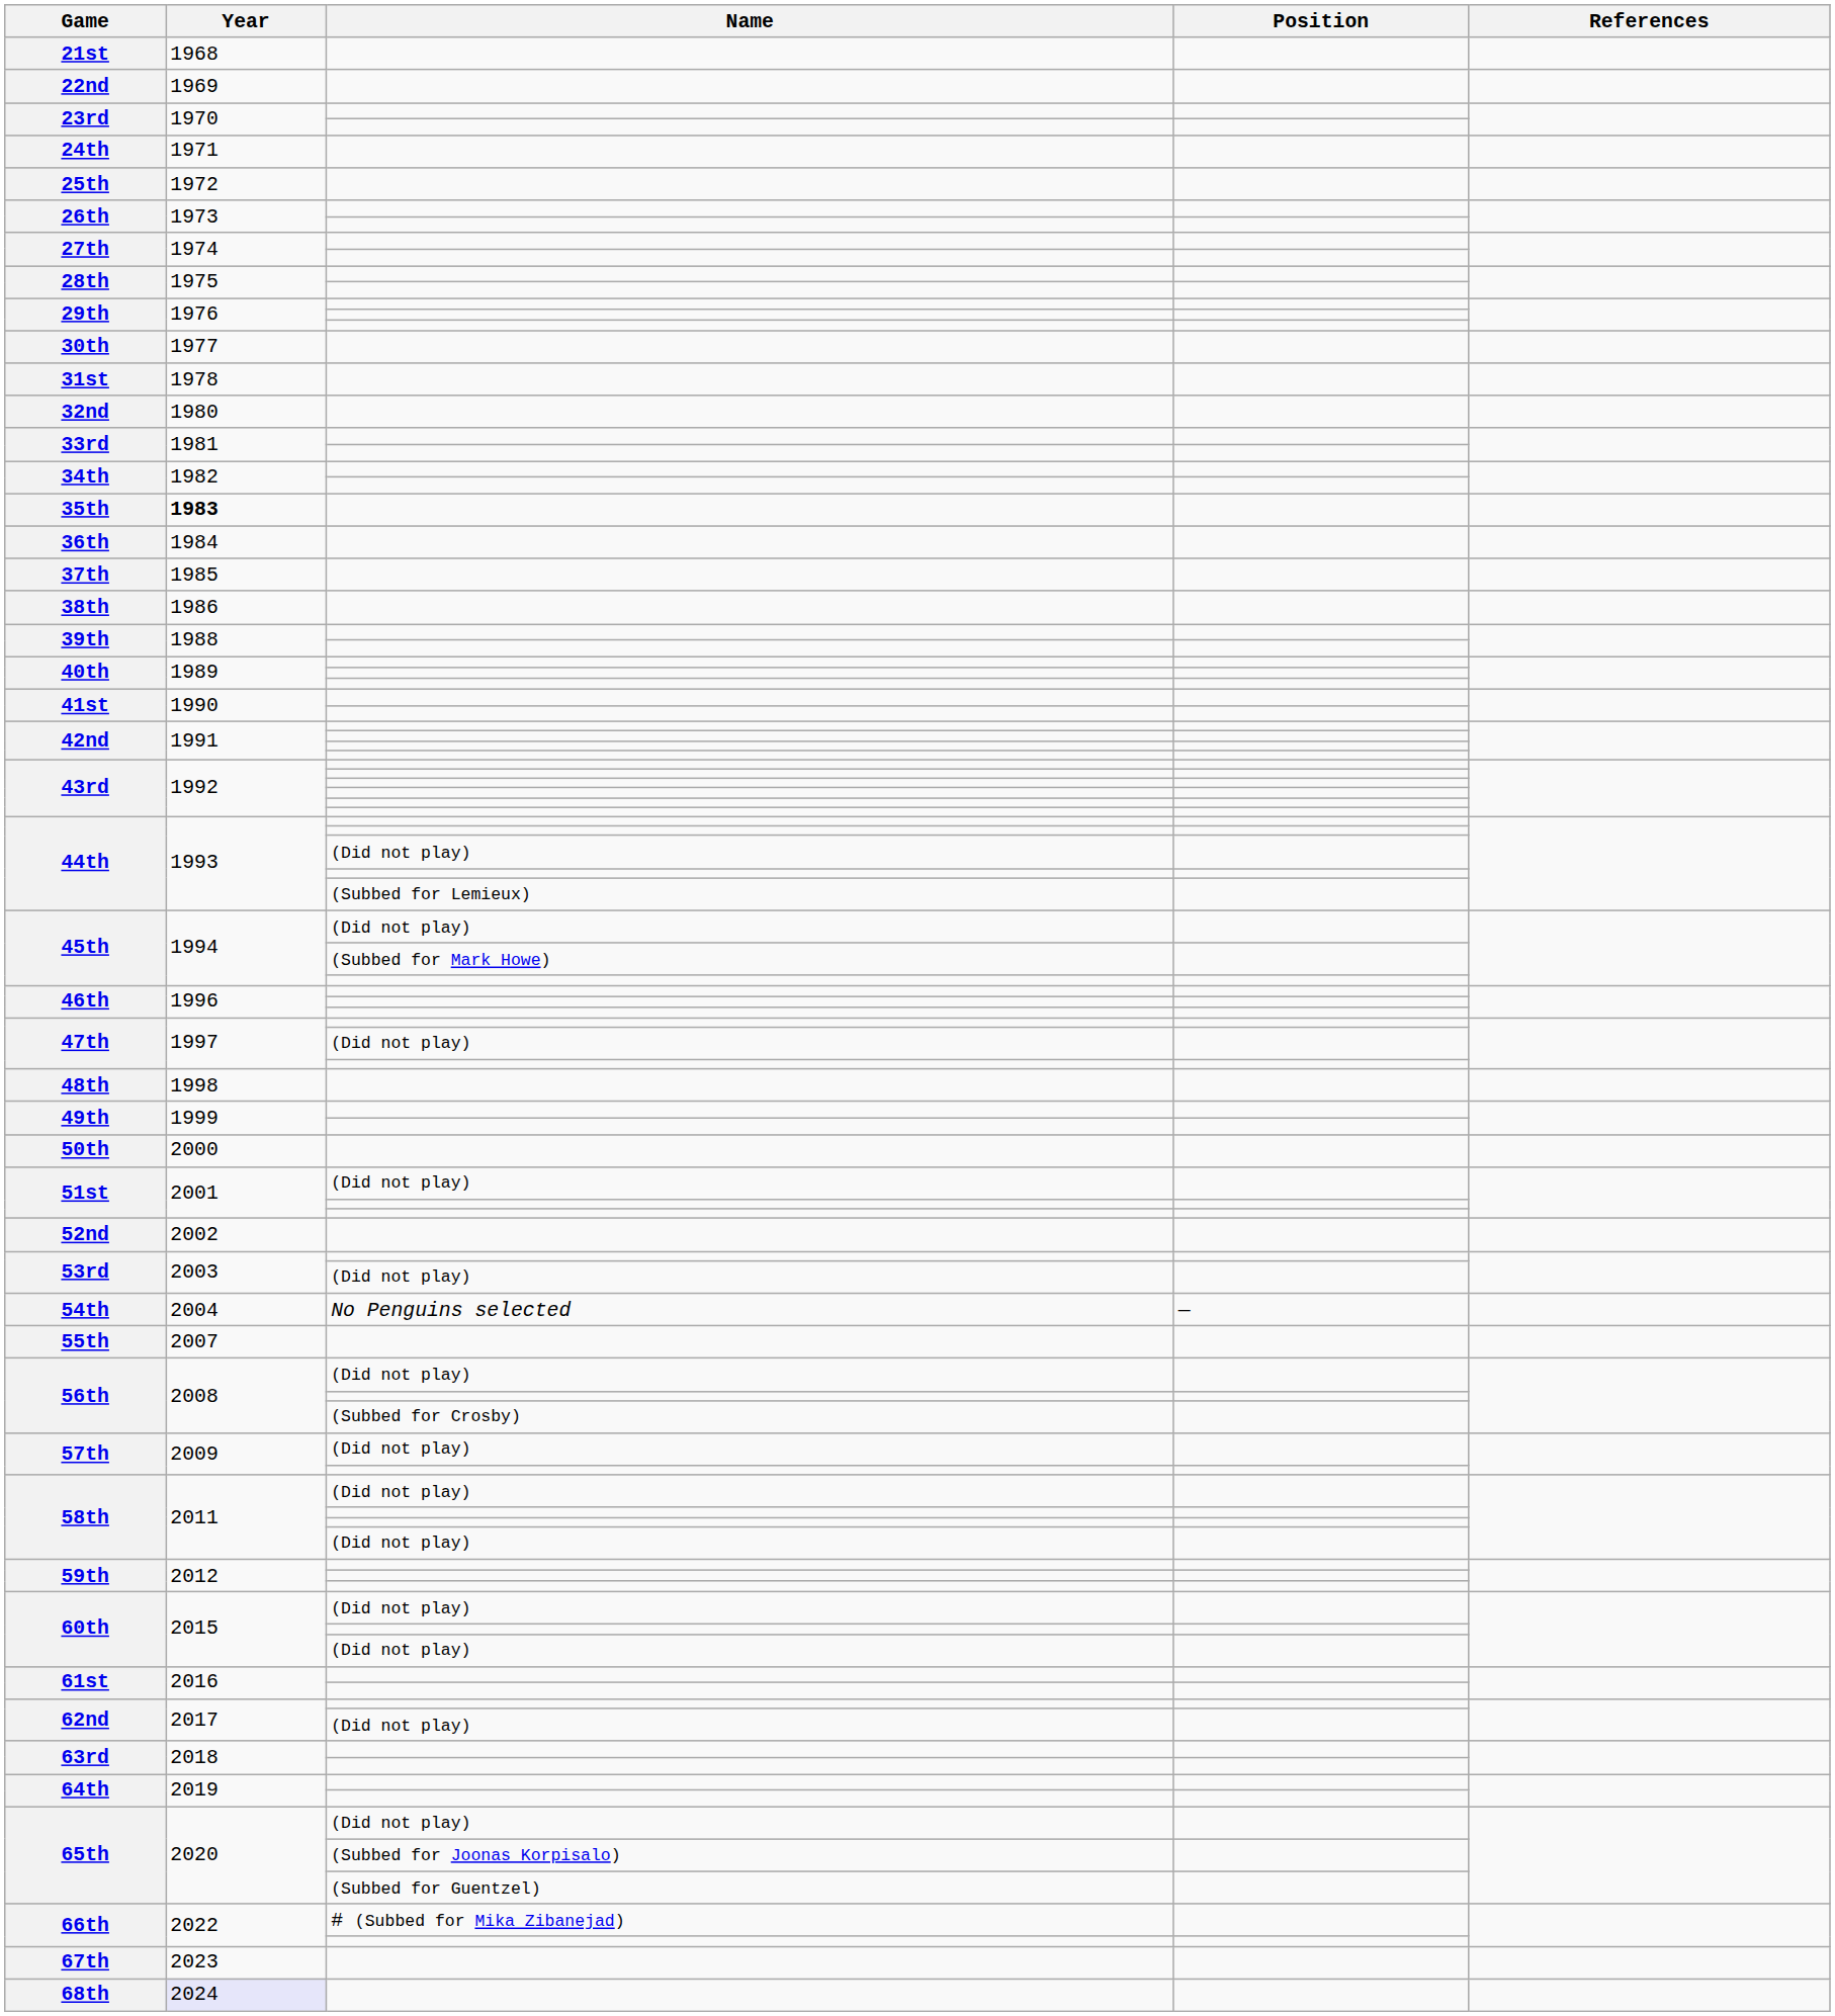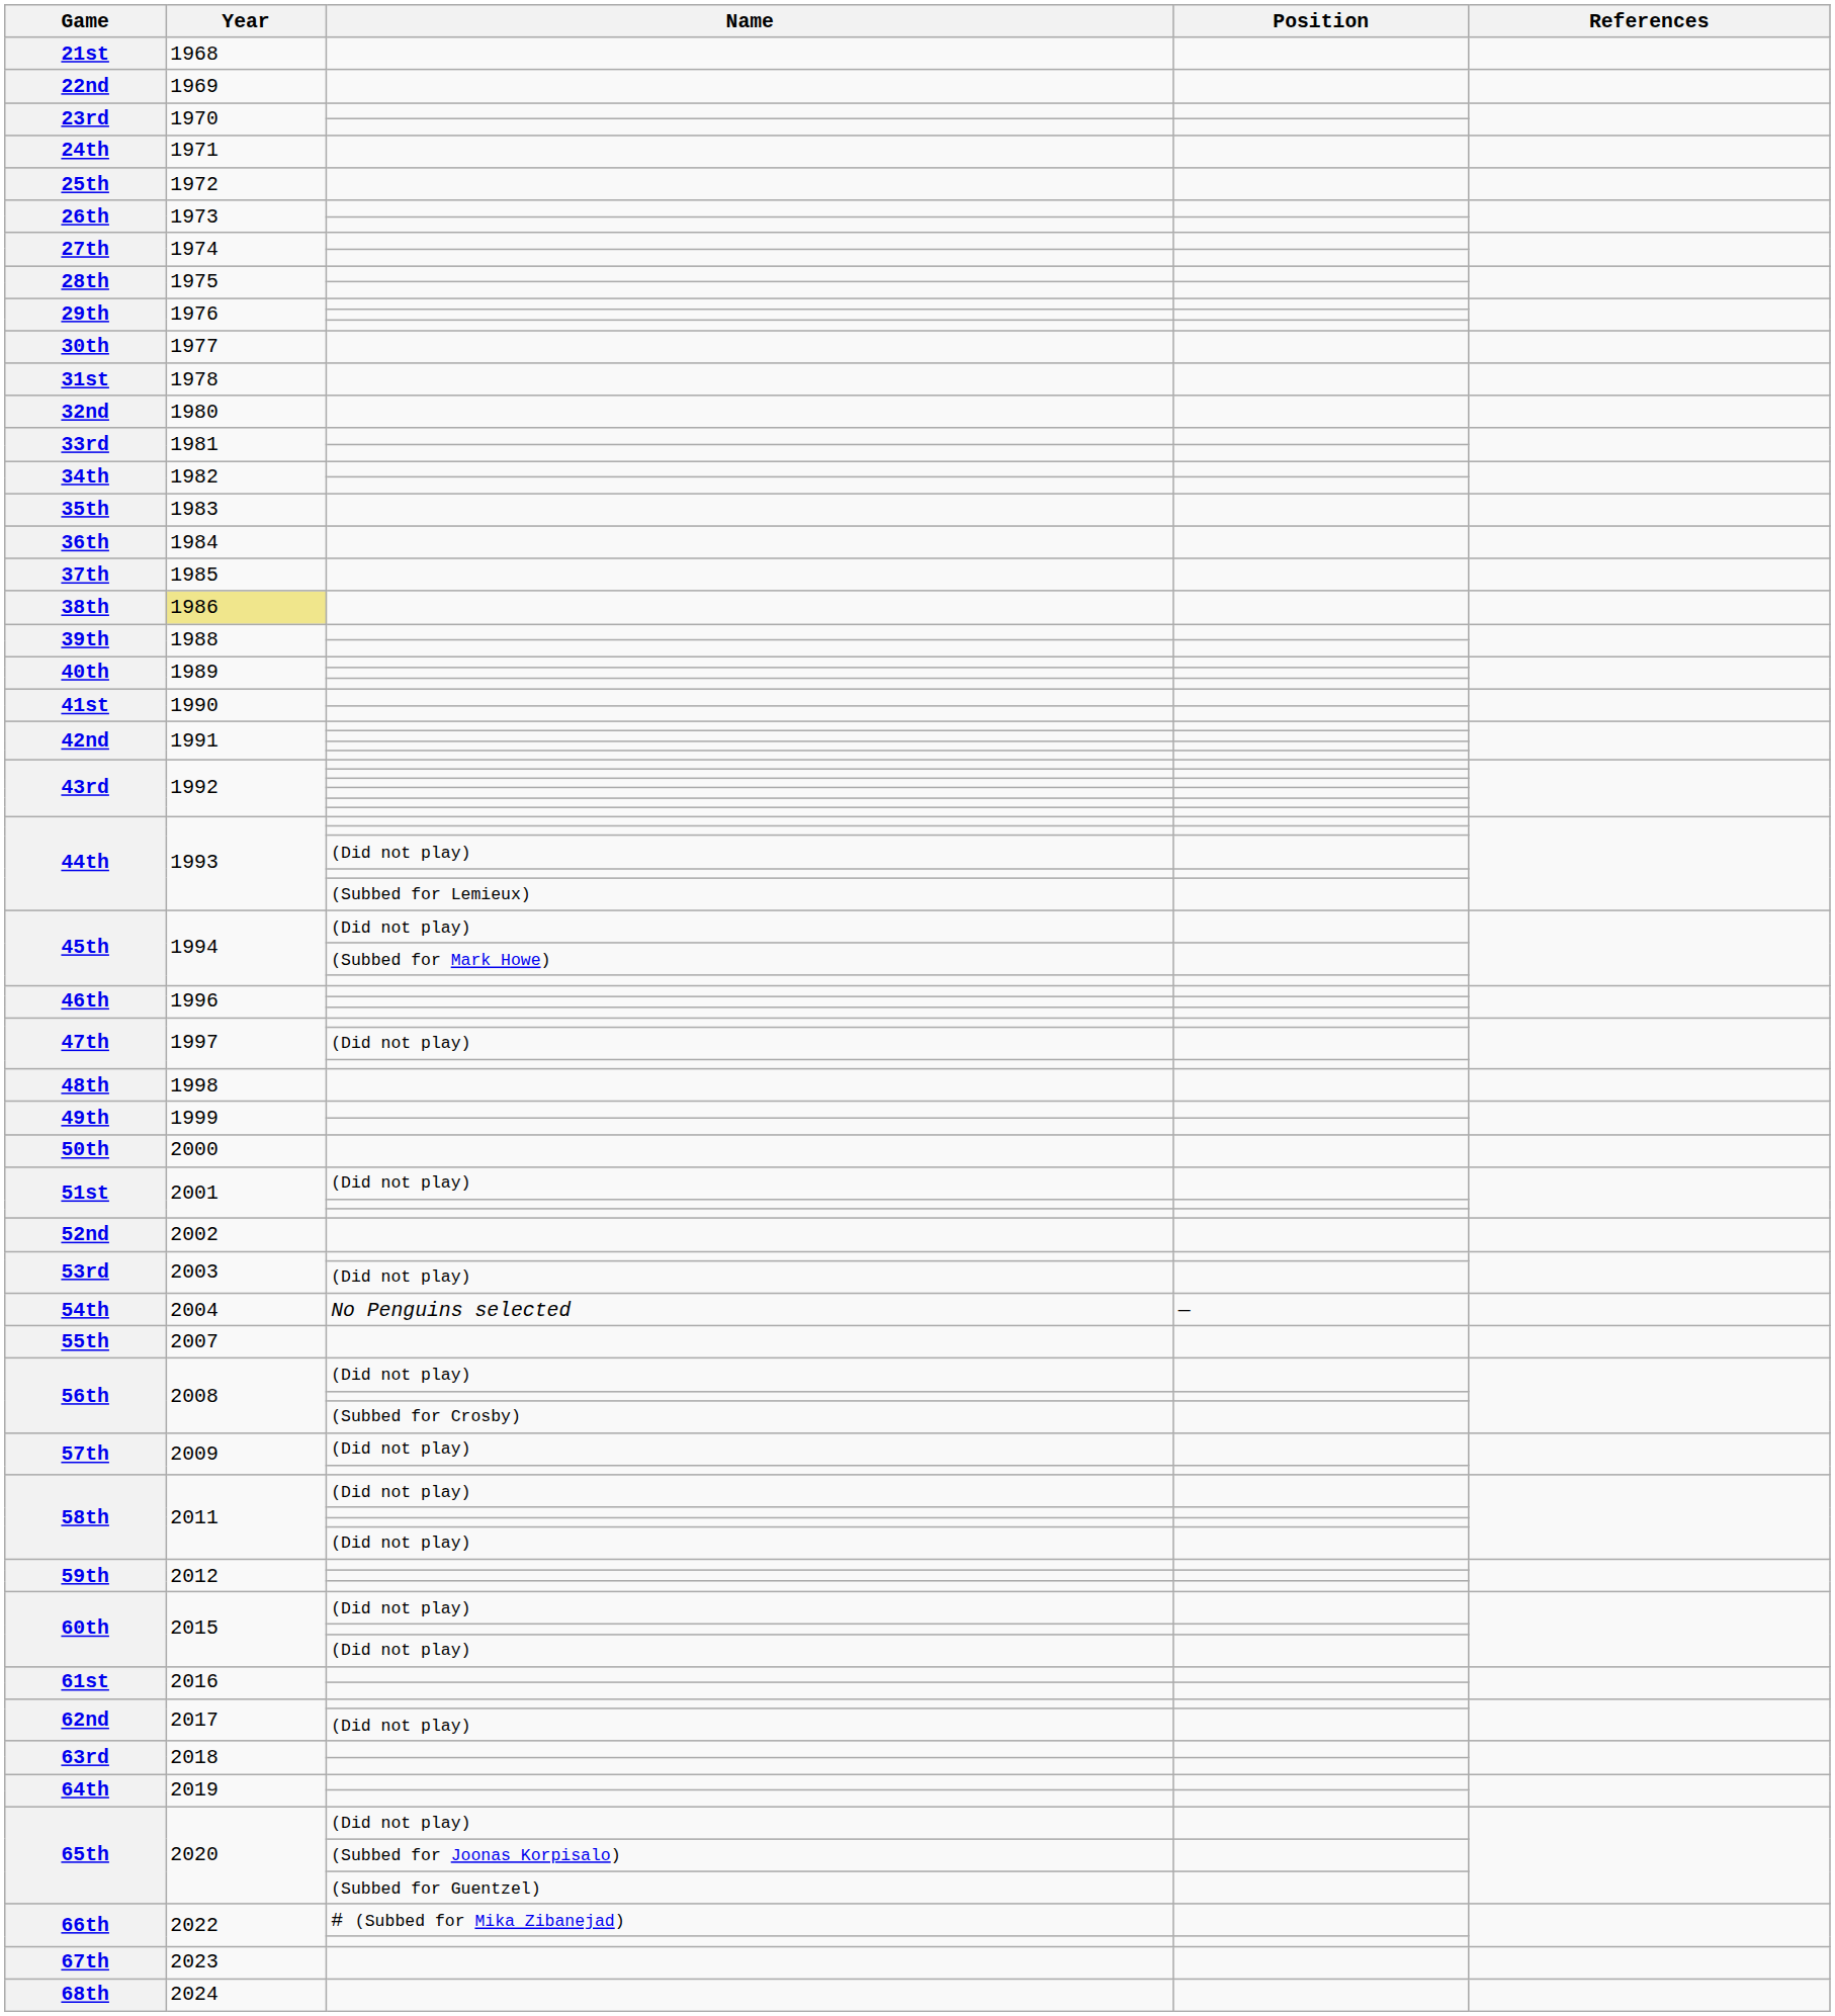 <table class="wikitable sortable" width="75%">
 <tr>
 <th scope="col">Game</th>
 <th scope="col">Year</th>
 <th scope="col">Name</th>
 <th scope="col">Position</th>
 <th scope="col" class="unsortable">References</th>
 </tr>
 <tr>
 <th scope="row"><a href='#'>21st</a></th>
 <td>1968</td>
 <td></td>
 <td></td>
 <td></td>
 </tr>
 <tr>
 <th scope="row"><a href='#'>22nd</a></th>
 <td>1969</td>
 <td></td>
 <td></td>
 <td></td>
 </tr>
 <tr>
 <th scope="row" rowspan="2"><a href='#'>23rd</a></th>
 <td rowspan="2">1970</td>
 <td></td>
 <td></td>
 <td rowspan="2"></td>
 </tr>
 <tr>
 <td></td>
 <td></td>
 </tr>
 <tr>
 <th scope="row"><a href='#'>24th</a></th>
 <td>1971</td>
 <td></td>
 <td></td>
 <td></td>
 </tr>
 <tr>
 <th scope="row"><a href='#'>25th</a></th>
 <td>1972</td>
 <td></td>
 <td></td>
 <td></td>
 </tr>
 <tr>
 <th scope="row" rowspan="2"><a href='#'>26th</a></th>
 <td rowspan="2">1973</td>
 <td></td>
 <td></td>
 <td rowspan="2"></td>
 </tr>
 <tr>
 <td></td>
 <td></td>
 </tr>
 <tr>
 <th scope="row" rowspan="2"><a href='#'>27th</a></th>
 <td rowspan="2">1974</td>
 <td></td>
 <td></td>
 <td rowspan="2"></td>
 </tr>
 <tr>
 <td></td>
 <td></td>
 </tr>
 <tr>
 <th scope="row" rowspan="2"><a href='#'>28th</a></th>
 <td rowspan="2">1975</td>
 <td></td>
 <td></td>
 <td rowspan="2"></td>
 </tr>
 <tr>
 <td></td>
 <td></td>
 </tr>
 <tr>
 <th scope="row" rowspan="3"><a href='#'>29th</a></th>
 <td rowspan="3">1976</td>
 <td></td>
 <td></td>
 <td rowspan="3"></td>
 </tr>
 <tr>
 <td></td>
 <td></td>
 </tr>
 <tr>
 <td></td>
 <td></td>
 </tr>
 <tr>
 <th scope="row"><a href='#'>30th</a></th>
 <td>1977</td>
 <td></td>
 <td></td>
 <td></td>
 </tr>
 <tr>
 <th scope="row"><a href='#'>31st</a></th>
 <td>1978</td>
 <td></td>
 <td></td>
 <td></td>
 </tr>
 <tr>
 <th scope="row"><a href='#'>32nd</a></th>
 <td>1980</td>
 <td></td>
 <td></td>
 <td></td>
 </tr>
 <tr>
 <th scope="row" rowspan="2"><a href='#'>33rd</a></th>
 <td rowspan="2">1981</td>
 <td></td>
 <td></td>
 <td rowspan="2"></td>
 </tr>
 <tr>
 <td></td>
 <td></td>
 </tr>
 <tr>
 <th scope="row" rowspan="2"><a href='#'>34th</a></th>
 <td rowspan="2">1982</td>
 <td></td>
 <td></td>
 <td rowspan="2"></td>
 </tr>
 <tr>
 <td></td>
 <td></td>
 </tr>
 <tr>
 <th scope="row"><a href='#'>35th</a></th>
-<td><strong>1983</strong></td>
+<td>1983</td>
 <td></td>
 <td></td>
 <td></td>
 </tr>
 <tr>
 <th scope="row"><a href='#'>36th</a></th>
 <td>1984</td>
 <td></td>
 <td></td>
 <td></td>
 </tr>
 <tr>
 <th scope="row"><a href='#'>37th</a></th>
 <td>1985</td>
 <td></td>
 <td></td>
 <td></td>
 </tr>
 <tr>
 <th scope="row"><a href='#'>38th</a></th>
-<td>1986</td>
+<td style="background: khaki;">1986</td>
 <td></td>
 <td></td>
 <td></td>
 </tr>
 <tr>
 <th scope="row" rowspan="2"><a href='#'>39th</a></th>
 <td rowspan="2">1988</td>
 <td></td>
 <td></td>
 <td rowspan="2"></td>
 </tr>
 <tr>
 <td></td>
 <td></td>
 </tr>
 <tr>
 <th scope="row" rowspan="3"><a href='#'>40th</a></th>
 <td rowspan="3">1989</td>
 <td></td>
 <td></td>
 <td rowspan="3"></td>
 </tr>
 <tr>
 <td></td>
 <td></td>
 </tr>
 <tr>
 <td></td>
 <td></td>
 </tr>
 <tr>
 <th scope="row" rowspan="2"><a href='#'>41st</a></th>
 <td rowspan="2">1990</td>
 <td></td>
 <td></td>
 <td rowspan="2"></td>
 </tr>
 <tr>
 <td></td>
 <td></td>
 </tr>
 <tr>
 <th scope="row" rowspan="4"><a href='#'>42nd</a></th>
 <td rowspan="4">1991</td>
 <td></td>
 <td></td>
 <td rowspan="4"></td>
 </tr>
 <tr>
 <td></td>
 <td></td>
 </tr>
 <tr>
 <td></td>
 <td></td>
 </tr>
 <tr>
 <td></td>
 <td></td>
 </tr>
 <tr>
 <th scope="row" rowspan="6"><a href='#'>43rd</a></th>
 <td rowspan="6">1992</td>
 <td></td>
 <td></td>
 <td rowspan="6"></td>
 </tr>
 <tr>
 <td></td>
 <td></td>
 </tr>
 <tr>
 <td></td>
 <td></td>
 </tr>
 <tr>
 <td></td>
 <td></td>
 </tr>
 <tr>
 <td></td>
 <td></td>
 </tr>
 <tr>
 <td></td>
 <td></td>
 </tr>
 <tr>
 <th scope="row" rowspan="5"><a href='#'>44th</a></th>
 <td rowspan="5">1993</td>
 <td></td>
 <td></td>
 <td rowspan="5"></td>
 </tr>
 <tr>
 <td></td>
 <td></td>
 </tr>
 <tr>
 <td> <small>(Did not play)</small></td>
 <td></td>
 </tr>
 <tr>
 <td></td>
 <td></td>
 </tr>
 <tr>
 <td> <small>(Subbed for Lemieux)</small></td>
 <td></td>
 </tr>
 <tr>
 <th scope="row" rowspan="3"><a href='#'>45th</a></th>
 <td rowspan="3">1994</td>
 <td> <small>(Did not play)</small></td>
 <td></td>
 <td rowspan="3"></td>
 </tr>
 <tr>
 <td> <small>(Subbed for <a href='#'>Mark Howe</a>)</small></td>
 <td></td>
 </tr>
 <tr>
 <td></td>
 <td></td>
 </tr>
 <tr>
 <th scope="row" rowspan="3"><a href='#'>46th</a></th>
 <td rowspan="3">1996</td>
 <td></td>
 <td></td>
 <td rowspan="3"></td>
 </tr>
 <tr>
 <td></td>
 <td></td>
 </tr>
 <tr>
 <td></td>
 <td></td>
 </tr>
 <tr>
 <th scope="row" rowspan="3"><a href='#'>47th</a></th>
 <td rowspan="3">1997</td>
 <td></td>
 <td></td>
 <td rowspan="3"></td>
 </tr>
 <tr>
 <td> <small>(Did not play)</small></td>
 <td></td>
 </tr>
 <tr>
 <td></td>
 <td></td>
 </tr>
 <tr>
 <th scope="row"><a href='#'>48th</a></th>
 <td>1998</td>
 <td></td>
 <td></td>
 <td></td>
 </tr>
 <tr>
 <th scope="row" rowspan="2"><a href='#'>49th</a></th>
 <td rowspan="2">1999</td>
 <td></td>
 <td></td>
 <td rowspan="2"></td>
 </tr>
 <tr>
 <td></td>
 <td></td>
 </tr>
 <tr>
 <th scope="row"><a href='#'>50th</a></th>
 <td>2000</td>
 <td></td>
 <td></td>
 <td></td>
 </tr>
 <tr>
 <th scope="row" rowspan="3"><a href='#'>51st</a></th>
 <td rowspan="3">2001</td>
 <td> <small>(Did not play)</small></td>
 <td></td>
 <td rowspan="3"></td>
 </tr>
 <tr>
 <td></td>
 <td></td>
 </tr>
 <tr>
 <td></td>
 <td></td>
 </tr>
 <tr>
 <th scope="row"><a href='#'>52nd</a></th>
 <td>2002</td>
 <td></td>
 <td></td>
 <td></td>
 </tr>
 <tr>
 <th scope="row" rowspan="2"><a href='#'>53rd</a></th>
 <td rowspan="2">2003</td>
 <td></td>
 <td></td>
 <td rowspan="2"></td>
 </tr>
 <tr>
 <td> <small>(Did not play)</small></td>
 <td></td>
 </tr>
 <tr>
 <th scope="row"><a href='#'>54th</a></th>
 <td>2004</td>
 <td><em>No Penguins selected</em></td>
 <td>—</td>
 <td></td>
 </tr>
 <tr>
 <th scope="row"><a href='#'>55th</a></th>
 <td>2007</td>
 <td></td>
 <td></td>
 <td></td>
 </tr>
 <tr>
 <th scope="row" rowspan="3"><a href='#'>56th</a></th>
 <td rowspan="3">2008</td>
 <td> <small>(Did not play)</small></td>
 <td></td>
 <td rowspan="3"></td>
 </tr>
 <tr>
 <td></td>
 <td></td>
 </tr>
 <tr>
 <td> <small>(Subbed for Crosby)</small></td>
 <td></td>
 </tr>
 <tr>
 <th scope="row" rowspan="2"><a href='#'>57th</a></th>
 <td rowspan="2">2009</td>
 <td> <small>(Did not play)</small></td>
 <td></td>
 <td rowspan="2"></td>
 </tr>
 <tr>
 <td></td>
 <td></td>
 </tr>
 <tr>
 <th scope="row" rowspan="4"><a href='#'>58th</a></th>
 <td rowspan="4">2011</td>
 <td> <small>(Did not play)</small></td>
 <td></td>
 <td rowspan="4"></td>
 </tr>
 <tr>
 <td></td>
 <td></td>
 </tr>
 <tr>
 <td></td>
 <td></td>
 </tr>
 <tr>
 <td> <small>(Did not play)</small></td>
 <td></td>
 </tr>
 <tr>
 <th scope="row" rowspan="3"><a href='#'>59th</a></th>
 <td rowspan="3">2012</td>
 <td></td>
 <td></td>
 <td rowspan="3"></td>
 </tr>
 <tr>
 <td></td>
 <td></td>
 </tr>
 <tr>
 <td></td>
 <td></td>
 </tr>
 <tr>
 <th scope="row" rowspan="3"><a href='#'>60th</a></th>
 <td rowspan="3">2015</td>
 <td> <small>(Did not play)</small></td>
 <td></td>
 <td rowspan="3"></td>
 </tr>
 <tr>
 <td></td>
 <td></td>
 </tr>
 <tr>
 <td> <small>(Did not play)</small></td>
 <td></td>
 </tr>
 <tr>
 <th scope="row" rowspan="2"><a href='#'>61st</a></th>
 <td rowspan="2">2016</td>
 <td></td>
 <td></td>
 <td rowspan="2"></td>
 </tr>
 <tr>
 <td></td>
 <td></td>
 </tr>
 <tr>
 <th scope="row" rowspan="2"><a href='#'>62nd</a></th>
 <td rowspan="2">2017</td>
 <td></td>
 <td></td>
 <td rowspan="2"></td>
 </tr>
 <tr>
 <td> <small>(Did not play)</small></td>
 <td></td>
 </tr>
 <tr>
 <th scope="row" rowspan="2"><a href='#'>63rd</a></th>
 <td rowspan="2">2018</td>
 <td></td>
 <td></td>
 <td rowspan="2"></td>
 </tr>
 <tr>
 <td></td>
 <td></td>
 </tr>
 <tr>
 <th scope="row" rowspan="2"><a href='#'>64th</a></th>
 <td rowspan="2">2019</td>
 <td></td>
 <td></td>
 <td rowspan="2"></td>
 </tr>
 <tr>
 <td></td>
 <td></td>
 </tr>
 <tr>
 <th scope="row" rowspan="3"><a href='#'>65th</a></th>
 <td rowspan="3">2020</td>
 <td> <small>(Did not play)</small></td>
 <td></td>
 <td rowspan="3"></td>
 </tr>
 <tr>
 <td> <small>(Subbed for <a href='#'>Joonas Korpisalo</a>)</small></td>
 <td></td>
 </tr>
 <tr>
 <td> <small>(Subbed for Guentzel)</small></td>
 <td></td>
 </tr>
 <tr>
 <th scope="row" rowspan="2"><a href='#'>66th</a></th>
 <td rowspan="2">2022</td>
 <td># <small>(Subbed for <a href='#'>Mika Zibanejad</a>)</small></td>
 <td></td>
 <td rowspan="2"></td>
 </tr>
 <tr>
 <td></td>
 <td></td>
 </tr>
 <tr>
 <th scope="row"><a href='#'>67th</a></th>
 <td>2023</td>
 <td></td>
 <td></td>
 <td></td>
 </tr>
 <tr>
 <th scope="row"><a href='#'>68th</a></th>
-<td style="background: lavender;">2024</td>
+<td>2024</td>
 <td></td>
 <td></td>
 <td></td>
 </tr>
 </table>
